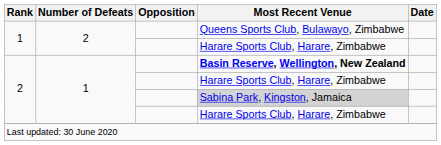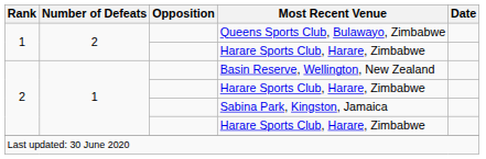 <table class="wikitable plainrowheaders sortable">
 <tr>
 <th scope=col>Rank</th>
 <th scope=col>Number of Defeats</th>
 <th scope=col>Opposition</th>
 <th scope=col>Most Recent Venue</th>
 <th scope=col>Date</th>
 </tr>
 <tr>
 <td align=center rowspan=2>1</td>
 <td align=center rowspan=2>2</td>
 <td></td>
 <td><a href='#'>Queens Sports Club</a>, <a href='#'>Bulawayo</a>, Zimbabwe</td>
 <td></td>
 </tr>
 <tr>
 <td></td>
 <td><a href='#'>Harare Sports Club</a>, <a href='#'>Harare</a>, Zimbabwe</td>
 <td></td>
 </tr>
 <tr>
 <td align=center rowspan=4>2</td>
 <td align=center rowspan=4>1</td>
 <td></td>
-<td><strong><a href='#'>Basin Reserve</a>, <a href='#'>Wellington</a>, New Zealand</strong></td>
+<td><a href='#'>Basin Reserve</a>, <a href='#'>Wellington</a>, New Zealand</td>
 <td></td>
 </tr>
 <tr>
 <td></td>
 <td><a href='#'>Harare Sports Club</a>, <a href='#'>Harare</a>, Zimbabwe</td>
 <td></td>
 </tr>
 <tr>
 <td></td>
-<td style="background: lightgrey;"><a href='#'>Sabina Park</a>, <a href='#'>Kingston</a>, Jamaica</td>
+<td><a href='#'>Sabina Park</a>, <a href='#'>Kingston</a>, Jamaica</td>
 <td></td>
 </tr>
 <tr>
 <td></td>
 <td><a href='#'>Harare Sports Club</a>, <a href='#'>Harare</a>, Zimbabwe</td>
 <td></td>
 </tr>
 <tr>
 </tr>
 <tr class=sortbottom>
 <td colspan=5><small>Last updated: 30 June 2020</small></td>
 </tr>
 </table>
